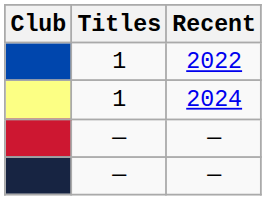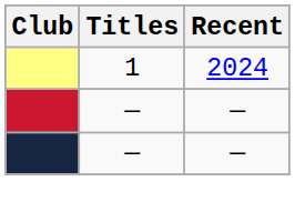 <table class="wikitable" style="text-align:center; width=60%;">
 <tr>
 <th>Club</th>
 <th>Titles</th>
 <th>Recent</th>
-</tr>
-<tr>
-<td style=background-color:#0046AD;color:#DF0101><strong><a href='#'></a></strong></td>
-<td>1</td>
-<td><a href='#'>2022</a></td>
 </tr>
 <tr>
 <td style=background-color:#FCFF84;color:#AD9759><strong><a href='#'></a></strong></td>
 <td>1</td>
 <td><a href='#'>2024</a></td>
 </tr>
 <tr>
 <td style=background-color:#CD1731;color:#FFFFFF><strong><a href='#'></a></strong></td>
 <td>—</td>
 <td>—</td>
 </tr>
 <tr>
 <td style=background-color:#172442;color:Goldenrod><strong><a href='#'></a></strong></td>
 <td>—</td>
 <td>—</td>
 </tr>
 </table>
